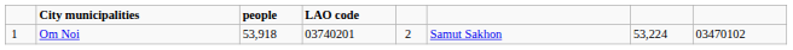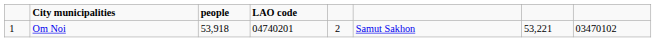 <table class="wikitable" style="width:80%;">
 <tr>
 <td scope="col" style="width:4%;"> </td>
 <td scope="col" style="width:26%;"><strong>City municipalities</strong></td>
 <td scope="col" style="width:8%;"><strong>people</strong></td>
 <td scope="col" style="width:12%;"><strong>LAO code</strong></td>
 <td scope="col" style="width:4%;"> </td>
 <td scope="col" style="width:26%;"> </td>
 <td scope="col" style="width:8%;"> </td>
 <td scope="col" style="width:12%;"> </td>
 </tr>
 <tr>
 <td scope="row"> 1</td>
 <td><a href='#'>Om Noi</a></td>
 <td>53,918</td>
-<td>03740201</td>
+<td>04740201</td>
 <td>  2</td>
 <td><a href='#'>Samut Sakhon</a></td>
-<td>53,224</td>
+<td>53,221</td>
 <td>03470102</td>
 </tr>
 </table>
